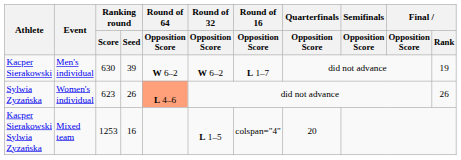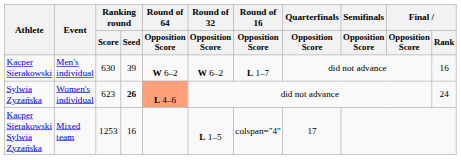 <table class="wikitable" style="text-align:center; font-size:90%">
 <tr>
 <th rowspan="2">Athlete</th>
 <th rowspan="2">Event</th>
 <th colspan="2">Ranking round</th>
 <th>Round of 64</th>
 <th>Round of 32</th>
 <th>Round of 16</th>
 <th>Quarterfinals</th>
 <th>Semifinals</th>
 <th colspan="2">Final / </th>
 </tr>
 <tr style="font-size:95%">
 <th>Score</th>
 <th>Seed</th>
 <th>Opposition<br>Score</th>
 <th>Opposition<br>Score</th>
 <th>Opposition<br>Score</th>
 <th>Opposition<br>Score</th>
 <th>Opposition<br>Score</th>
 <th>Opposition<br>Score</th>
 <th>Rank</th>
 </tr>
 <tr>
 <td align="left"><a href='#'>Kacper Sierakowski</a></td>
 <td align="left"><a href='#'>Men's individual</a></td>
 <td>630</td>
 <td>39</td>
 <td><br><strong>W</strong> 6–2</td>
 <td><br><strong>W</strong> 6–2</td>
 <td><br> <strong>L</strong> 1–7</td>
 <td colspan="3">did not advance</td>
-<td>19</td>
+<td>16</td>
 </tr>
 <tr>
 <td align="left"><a href='#'>Sylwia Zyzańska</a></td>
 <td align="left"><a href='#'>Women's individual</a></td>
 <td>623</td>
-<td>26</td>
+<td><strong>26</strong></td>
 <td style="background: lightsalmon;"><br><strong>L</strong> 4–6</td>
 <td colspan="5">did not advance</td>
-<td>26</td>
+<td>24</td>
 </tr>
 <tr>
 <td align="left"><a href='#'>Kacper Sierakowski</a><br><a href='#'>Sylwia Zyzańska</a></td>
 <td align="left"><a href='#'>Mixed team</a></td>
 <td>1253</td>
 <td>16</td>
 <td></td>
 <td><br><strong>L</strong> 1–5</td>
 <td>colspan="4" </td>
-<td>20</td>
+<td>17</td>
 </tr>
 </table>
